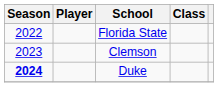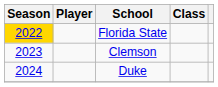 <table class="wikitable sortable" style="text-align: center;">
 <tr>
 <th>Season</th>
 <th>Player</th>
 <th>School</th>
 <th>Class</th>
 <th class="unsortable"></th>
 </tr>
 <tr>
-<td><a href='#'>2022</a></td>
+<td style="background: gold;"><a href='#'>2022</a></td>
 <td></td>
 <td><a href='#'>Florida State</a></td>
 <td></td>
 <td></td>
 </tr>
 <tr>
 <td><a href='#'>2023</a></td>
 <td></td>
 <td><a href='#'>Clemson</a></td>
 <td></td>
 <td></td>
 </tr>
 <tr>
-<td><strong><a href='#'>2024</a></strong></td>
+<td><a href='#'>2024</a></td>
 <td></td>
 <td><a href='#'>Duke</a></td>
 <td></td>
 <td></td>
 </tr>
 <tr>
 </tr>
 </table>
